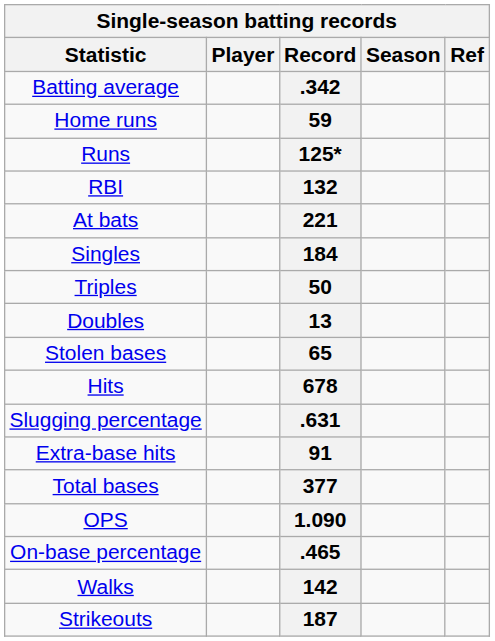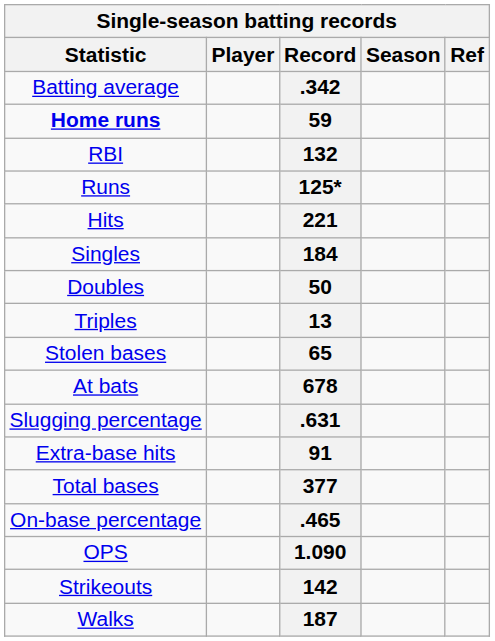 <table class="wikitable sortable" style="text-align:center">
 <tr>
 <th colspan=5>Single-season batting records</th>
 </tr>
 <tr>
 <th scope="col">Statistic</th>
 <th scope="col">Player</th>
 <th scope="col" class="unsortable">Record</th>
 <th scope="col">Season</th>
 <th scope="col" class="unsortable">Ref</th>
 </tr>
 <tr>
 <td><a href='#'>Batting average</a></td>
 <td></td>
 <th scope="row">.342</th>
 <td></td>
 <td></td>
 </tr>
 <tr>
-<td><a href='#'>Home runs</a></td>
+<td><strong><a href='#'>Home runs</a></strong></td>
 <td></td>
 <th scope="row">59</th>
+<td></td>
+<td></td>
+</tr>
+<tr>
+<td><a href='#'>RBI</a></td>
+<td></td>
+<th scope="row">132</th>
 <td></td>
 <td></td>
 </tr>
 <tr>
 <td><a href='#'>Runs</a></td>
 <td></td>
 <th scope="row">125*</th>
 <td><br></td>
 <td></td>
 </tr>
 <tr>
-<td><a href='#'>RBI</a></td>
-<td></td>
-<th scope="row">132</th>
-<td></td>
-<td></td>
-</tr>
-<tr>
-<td><a href='#'>At bats</a></td>
+<td><a href='#'>Hits</a></td>
 <td></td>
 <th scope="row">221</th>
 <td></td>
 <td></td>
 </tr>
 <tr>
 <td><a href='#'>Singles</a></td>
 <td></td>
 <th scope="row">184</th>
 <td></td>
 <td></td>
 </tr>
 <tr>
-<td><a href='#'>Triples</a></td>
+<td><a href='#'>Doubles</a></td>
 <td></td>
 <th scope="row">50</th>
 <td></td>
 <td></td>
 </tr>
 <tr>
-<td><a href='#'>Doubles</a></td>
+<td><a href='#'>Triples</a></td>
 <td></td>
 <th scope="row">13</th>
 <td></td>
 <td></td>
 </tr>
 <tr>
 <td><a href='#'>Stolen bases</a></td>
 <td></td>
 <th scope="row">65</th>
 <td></td>
 <td></td>
 </tr>
 <tr>
-<td><a href='#'>Hits</a></td>
+<td><a href='#'>At bats</a></td>
 <td></td>
 <th scope="row">678</th>
 <td></td>
 <td></td>
 </tr>
 <tr>
 <td><a href='#'>Slugging percentage</a></td>
 <td></td>
 <th scope="row">.631</th>
 <td></td>
 <td></td>
 </tr>
 <tr>
 <td><a href='#'>Extra-base hits</a></td>
 <td></td>
 <th scope="row">91</th>
 <td></td>
 <td></td>
 </tr>
 <tr>
 <td><a href='#'>Total bases</a></td>
 <td></td>
 <th scope="row">377</th>
 <td></td>
 <td></td>
 </tr>
 <tr>
+<td><a href='#'>On-base percentage</a></td>
+<td></td>
+<th scope="row">.465</th>
+<td></td>
+<td></td>
+</tr>
+<tr>
 <td><a href='#'>OPS</a></td>
 <td></td>
 <th scope="row">1.090</th>
 <td></td>
 <td></td>
 </tr>
 <tr>
-<td><a href='#'>On-base percentage</a></td>
+<td><a href='#'>Strikeouts</a></td>
 <td></td>
-<th scope="row">.465</th>
+<th scope="row">142</th>
 <td></td>
 <td></td>
 </tr>
 <tr>
 <td><a href='#'>Walks</a></td>
 <td></td>
-<th scope="row">142</th>
-<td></td>
-<td></td>
-</tr>
-<tr>
-<td><a href='#'>Strikeouts</a></td>
-<td></td>
 <th scope="row">187</th>
 <td></td>
 <td></td>
 </tr>
 </table>
